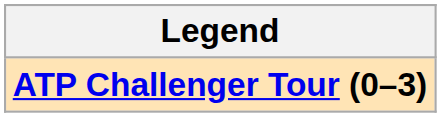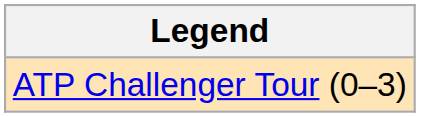 <table class="wikitable">
 <tr>
 <th>Legend</th>
 </tr>
 <tr style="background:moccasin">
-<td><strong><a href='#'>ATP Challenger Tour</a> (0–3)</strong></td>
+<td><a href='#'>ATP Challenger Tour</a> (0–3)</td>
 </tr>
 </table>
